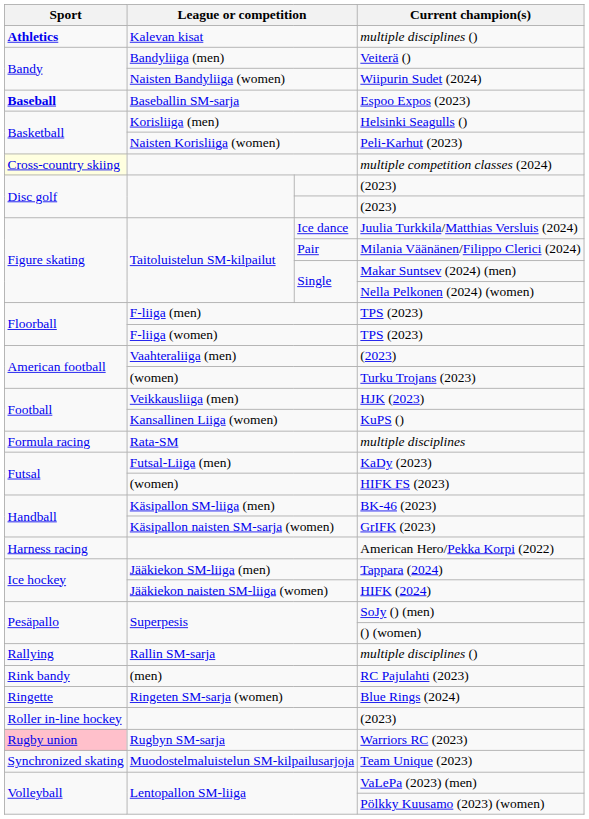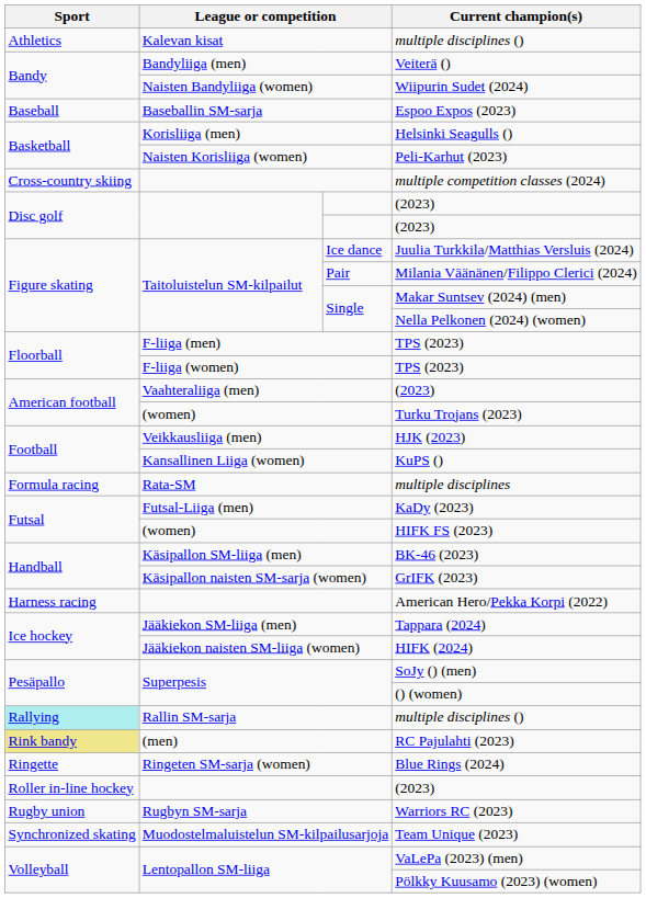 <table class="wikitable">
 <tr>
 <th>Sport</th>
 <th colspan="2">League or competition</th>
 <th>Current champion(s)</th>
 </tr>
 <tr>
-<td><strong><a href='#'>Athletics</a></strong></td>
+<td><a href='#'>Athletics</a></td>
 <td colspan="2"><a href='#'>Kalevan kisat</a></td>
 <td><em>multiple disciplines</em> ()</td>
 </tr>
 <tr>
 <td rowspan="2"><a href='#'>Bandy</a></td>
 <td colspan="2"><a href='#'>Bandyliiga</a> (men)</td>
 <td><a href='#'>Veiterä</a> ()</td>
 </tr>
 <tr>
 <td colspan="2"><a href='#'>Naisten Bandyliiga</a> (women)</td>
 <td><a href='#'>Wiipurin Sudet</a> (2024)</td>
 </tr>
 <tr>
-<td><strong><a href='#'>Baseball</a></strong></td>
+<td><a href='#'>Baseball</a></td>
 <td colspan="2"><a href='#'>Baseballin SM-sarja</a></td>
 <td><a href='#'>Espoo Expos</a> (2023)</td>
 </tr>
 <tr>
 <td rowspan="2"><a href='#'>Basketball</a></td>
 <td colspan="2"><a href='#'>Korisliiga</a> (men)</td>
 <td><a href='#'>Helsinki Seagulls</a> ()</td>
 </tr>
 <tr>
 <td colspan="2"><a href='#'>Naisten Korisliiga</a> (women)</td>
 <td><a href='#'>Peli-Karhut</a> (2023)</td>
 </tr>
 <tr>
-<td style="background: lightyellow;"><a href='#'>Cross-country skiing</a></td>
+<td><a href='#'>Cross-country skiing</a></td>
 <td colspan="2"></td>
 <td><em>multiple competition classes</em> (2024)</td>
 </tr>
 <tr>
 <td rowspan="2"><a href='#'>Disc golf</a></td>
 <td rowspan="2"></td>
 <td></td>
 <td> (2023)</td>
 </tr>
 <tr>
 <td></td>
 <td> (2023)</td>
 </tr>
 <tr>
 <td rowspan="4"><a href='#'>Figure skating</a></td>
 <td rowspan="4"><a href='#'>Taitoluistelun SM-kilpailut</a></td>
 <td><a href='#'>Ice dance</a></td>
 <td><a href='#'>Juulia Turkkila</a>/<a href='#'>Matthias Versluis</a> (2024)</td>
 </tr>
 <tr>
 <td><a href='#'>Pair</a></td>
 <td><a href='#'>Milania Väänänen</a>/<a href='#'>Filippo Clerici</a> (2024)</td>
 </tr>
 <tr>
 <td rowspan="2"><a href='#'>Single</a></td>
 <td><a href='#'>Makar Suntsev</a> (2024) (men)</td>
 </tr>
 <tr>
 <td><a href='#'>Nella Pelkonen</a> (2024) (women)</td>
 </tr>
 <tr>
 <td rowspan="2"><a href='#'>Floorball</a></td>
 <td colspan="2"><a href='#'>F-liiga</a> (men)</td>
 <td><a href='#'>TPS</a> (2023)</td>
 </tr>
 <tr>
 <td colspan="2"><a href='#'>F-liiga</a> (women)</td>
 <td><a href='#'>TPS</a> (2023)</td>
 </tr>
 <tr>
 <td rowspan="2"><a href='#'>American football</a></td>
 <td colspan="2"><a href='#'>Vaahteraliiga</a> (men)</td>
 <td> (<a href='#'>2023</a>)</td>
 </tr>
 <tr>
 <td colspan="2"> (women)</td>
 <td><a href='#'>Turku Trojans</a> (2023)</td>
 </tr>
 <tr>
 <td rowspan="2"><a href='#'>Football</a></td>
 <td colspan="2"><a href='#'>Veikkausliiga</a> (men)</td>
 <td><a href='#'>HJK</a> (<a href='#'>2023</a>)</td>
 </tr>
 <tr>
 <td colspan="2"><a href='#'>Kansallinen Liiga</a> (women)</td>
 <td><a href='#'>KuPS</a> ()</td>
 </tr>
 <tr>
 <td><a href='#'>Formula racing</a></td>
 <td colspan="2"><a href='#'>Rata-SM</a></td>
 <td><em>multiple disciplines</em></td>
 </tr>
 <tr>
 <td rowspan="2"><a href='#'>Futsal</a></td>
 <td colspan="2"><a href='#'>Futsal-Liiga</a> (men)</td>
 <td><a href='#'>KaDy</a> (2023)</td>
 </tr>
 <tr>
 <td colspan="2"> (women)</td>
 <td><a href='#'>HIFK FS</a> (2023)</td>
 </tr>
 <tr>
 <td rowspan="2"><a href='#'>Handball</a></td>
 <td colspan="2"><a href='#'>Käsipallon SM-liiga</a> (men)</td>
 <td><a href='#'>BK-46</a> (2023)</td>
 </tr>
 <tr>
 <td colspan="2"><a href='#'>Käsipallon naisten SM-sarja</a> (women)</td>
 <td><a href='#'>GrIFK</a> (2023)</td>
 </tr>
 <tr>
 <td><a href='#'>Harness racing</a></td>
 <td colspan="2"></td>
 <td>American Hero/<a href='#'>Pekka Korpi</a> (2022)</td>
 </tr>
 <tr>
 <td rowspan="2"><a href='#'>Ice hockey</a></td>
 <td colspan="2"><a href='#'>Jääkiekon SM-liiga</a> (men)</td>
 <td><a href='#'>Tappara</a> (<a href='#'>2024</a>)</td>
 </tr>
 <tr>
 <td colspan="2"><a href='#'>Jääkiekon naisten SM-liiga</a> (women)</td>
 <td><a href='#'>HIFK</a> (<a href='#'>2024</a>)</td>
 </tr>
 <tr>
 <td rowspan="2"><a href='#'>Pesäpallo</a></td>
 <td colspan="2" rowspan="2"><a href='#'>Superpesis</a></td>
 <td><a href='#'>SoJy</a> () (men)</td>
 </tr>
 <tr>
 <td> () (women)</td>
 </tr>
 <tr>
-<td><a href='#'>Rallying</a></td>
+<td style="background: paleturquoise;"><a href='#'>Rallying</a></td>
 <td colspan="2"><a href='#'>Rallin SM-sarja</a></td>
 <td><em>multiple disciplines</em> ()</td>
 </tr>
 <tr>
-<td><a href='#'>Rink bandy</a></td>
+<td style="background: khaki;"><a href='#'>Rink bandy</a></td>
 <td colspan="2"> (men)</td>
 <td><a href='#'>RC Pajulahti</a> (2023)</td>
 </tr>
 <tr>
 <td><a href='#'>Ringette</a></td>
 <td colspan="2"><a href='#'>Ringeten SM-sarja</a> (women)</td>
 <td><a href='#'>Blue Rings</a> (2024)</td>
 </tr>
 <tr>
 <td><a href='#'>Roller in-line hockey</a></td>
 <td colspan="2"></td>
 <td> (2023)</td>
 </tr>
 <tr>
-<td style="background: pink;"><a href='#'>Rugby union</a></td>
+<td><a href='#'>Rugby union</a></td>
 <td colspan="2"><a href='#'>Rugbyn SM-sarja</a></td>
 <td><a href='#'>Warriors RC</a> (2023)</td>
 </tr>
 <tr>
 <td><a href='#'>Synchronized skating</a></td>
 <td colspan="2"><a href='#'>Muodostelmaluistelun SM-kilpailusarjoja</a></td>
 <td><a href='#'>Team Unique</a> (2023)</td>
 </tr>
 <tr>
 <td rowspan="2"><a href='#'>Volleyball</a></td>
 <td colspan="2" rowspan="2"><a href='#'>Lentopallon SM-liiga</a></td>
 <td><a href='#'>VaLePa</a> (2023) (men)</td>
 </tr>
 <tr>
 <td><a href='#'>Pölkky Kuusamo</a> (2023) (women)</td>
 </tr>
 </table>
